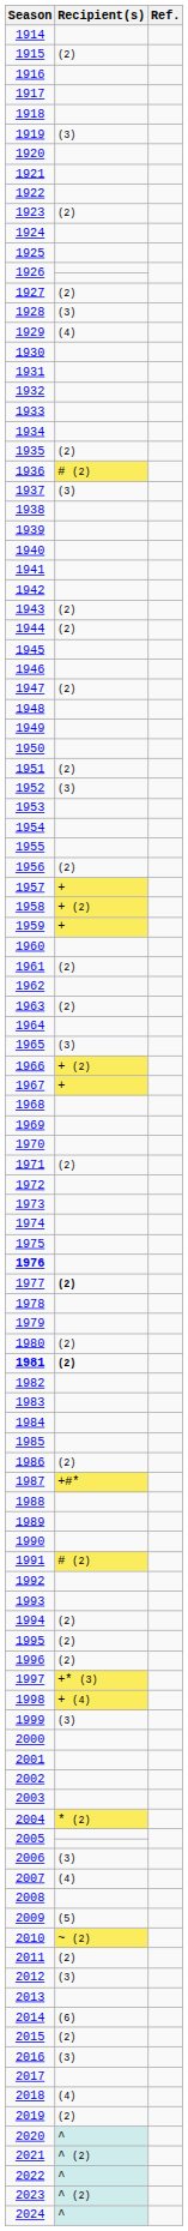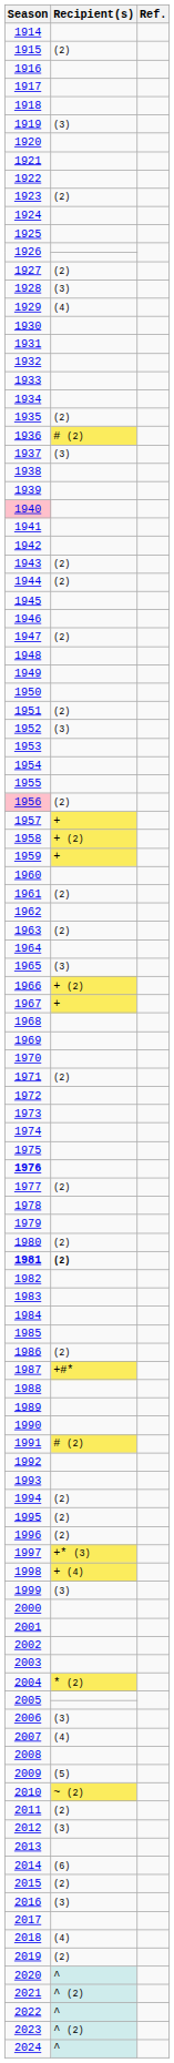 <table class="wikitable sortable" style="text-align:center">
 <tr>
 <th>Season</th>
 <th>Recipient(s)</th>
 <th class=unsortable>Ref.</th>
 </tr>
 <tr>
 <td><a href='#'>1914</a></td>
 <td align=left></td>
 <td></td>
 </tr>
 <tr>
 <td><a href='#'>1915</a></td>
 <td align=left> <small>(2)</small></td>
 <td></td>
 </tr>
 <tr>
 <td><a href='#'>1916</a></td>
 <td></td>
 <td></td>
 </tr>
 <tr>
 <td><a href='#'>1917</a></td>
 <td></td>
 <td></td>
 </tr>
 <tr>
 <td><a href='#'>1918</a></td>
 <td align=left></td>
 <td></td>
 </tr>
 <tr>
 <td><a href='#'>1919</a></td>
 <td align=left> <small>(3)</small></td>
 <td></td>
 </tr>
 <tr>
 <td><a href='#'>1920</a></td>
 <td align=left></td>
 <td></td>
 </tr>
 <tr>
 <td><a href='#'>1921</a></td>
 <td align=left></td>
 <td></td>
 </tr>
 <tr>
 <td><a href='#'>1922</a></td>
 <td align=left></td>
 <td></td>
 </tr>
 <tr>
 <td><a href='#'>1923</a></td>
 <td align=left> <small>(2)</small></td>
 <td></td>
 </tr>
 <tr>
 <td><a href='#'>1924</a></td>
 <td align=left></td>
 <td></td>
 </tr>
 <tr>
 <td><a href='#'>1925</a></td>
 <td align=left></td>
 <td></td>
 </tr>
 <tr>
 <td rowspan=2><a href='#'>1926</a></td>
 <td align=left></td>
 <td rowspan=2></td>
 </tr>
 <tr>
 <td align=left></td>
 </tr>
 <tr>
 <td><a href='#'>1927</a></td>
 <td align=left> <small>(2)</small></td>
 <td></td>
 </tr>
 <tr>
 <td><a href='#'>1928</a></td>
 <td align=left> <small>(3)</small></td>
 <td></td>
 </tr>
 <tr>
 <td><a href='#'>1929</a></td>
 <td align=left> <small>(4)</small></td>
 <td></td>
 </tr>
 <tr>
 <td><a href='#'>1930</a></td>
 <td align=left></td>
 <td></td>
 </tr>
 <tr>
 <td><a href='#'>1931</a></td>
 <td align=left></td>
 <td></td>
 </tr>
 <tr>
 <td><a href='#'>1932</a></td>
 <td align=left></td>
 <td></td>
 </tr>
 <tr>
 <td><a href='#'>1933</a></td>
 <td align=left></td>
 <td></td>
 </tr>
 <tr>
 <td><a href='#'>1934</a></td>
 <td align=left></td>
 <td></td>
 </tr>
 <tr>
 <td><a href='#'>1935</a></td>
 <td align=left> <small>(2)</small></td>
 <td></td>
 </tr>
 <tr>
 <td><a href='#'>1936</a></td>
 <td bgcolor="#fbec5d" align=left># <small>(2)</small></td>
 <td></td>
 </tr>
 <tr>
 <td><a href='#'>1937</a></td>
 <td align=left> <small>(3)</small></td>
 <td></td>
 </tr>
 <tr>
 <td><a href='#'>1938</a></td>
 <td align=left></td>
 <td></td>
 </tr>
 <tr>
 <td><a href='#'>1939</a></td>
 <td align=left></td>
 <td></td>
 </tr>
 <tr>
-<td><a href='#'>1940</a></td>
+<td style="background: pink;"><a href='#'>1940</a></td>
 <td align=left></td>
 <td></td>
 </tr>
 <tr>
 <td><a href='#'>1941</a></td>
 <td align=left></td>
 <td></td>
 </tr>
 <tr>
 <td><a href='#'>1942</a></td>
 <td align=left></td>
 <td></td>
 </tr>
 <tr>
 <td><a href='#'>1943</a></td>
 <td align=left> <small>(2)</small></td>
 <td></td>
 </tr>
 <tr>
 <td><a href='#'>1944</a></td>
 <td align=left> <small>(2)</small></td>
 <td></td>
 </tr>
 <tr>
 <td><a href='#'>1945</a></td>
 <td align=left></td>
 <td></td>
 </tr>
 <tr>
 <td><a href='#'>1946</a></td>
 <td align=left></td>
 <td></td>
 </tr>
 <tr>
 <td><a href='#'>1947</a></td>
 <td align=left> <small>(2)</small></td>
 <td></td>
 </tr>
 <tr>
 <td><a href='#'>1948</a></td>
 <td align=left></td>
 <td></td>
 </tr>
 <tr>
 <td><a href='#'>1949</a></td>
 <td align=left></td>
 <td></td>
 </tr>
 <tr>
 <td><a href='#'>1950</a></td>
 <td align=left></td>
 <td></td>
 </tr>
 <tr>
 <td><a href='#'>1951</a></td>
 <td align=left> <small>(2)</small></td>
 <td></td>
 </tr>
 <tr>
 <td><a href='#'>1952</a></td>
 <td align=left> <small>(3)</small></td>
 <td></td>
 </tr>
 <tr>
 <td><a href='#'>1953</a></td>
 <td align=left></td>
 <td></td>
 </tr>
 <tr>
 <td><a href='#'>1954</a></td>
 <td align=left></td>
 <td></td>
 </tr>
 <tr>
 <td><a href='#'>1955</a></td>
 <td align=left></td>
 <td></td>
 </tr>
 <tr>
-<td><a href='#'>1956</a></td>
+<td style="background: pink;"><a href='#'>1956</a></td>
 <td align=left> <small>(2)</small></td>
 <td></td>
 </tr>
 <tr>
 <td><a href='#'>1957</a></td>
 <td bgcolor="#fbec5d" align=left>+</td>
 <td></td>
 </tr>
 <tr>
 <td><a href='#'>1958</a></td>
 <td bgcolor="#fbec5d" align=left>+ <small>(2)</small></td>
 <td></td>
 </tr>
 <tr>
 <td><a href='#'>1959</a></td>
 <td bgcolor="#fbec5d" align=left>+</td>
 <td></td>
 </tr>
 <tr>
 <td><a href='#'>1960</a></td>
 <td align=left></td>
 <td></td>
 </tr>
 <tr>
 <td><a href='#'>1961</a></td>
 <td align=left> <small>(2)</small></td>
 <td></td>
 </tr>
 <tr>
 <td><a href='#'>1962</a></td>
 <td align=left></td>
 <td></td>
 </tr>
 <tr>
 <td><a href='#'>1963</a></td>
 <td align=left> <small>(2)</small></td>
 <td></td>
 </tr>
 <tr>
 <td><a href='#'>1964</a></td>
 <td align=left></td>
 <td></td>
 </tr>
 <tr>
 <td><a href='#'>1965</a></td>
 <td align=left> <small>(3)</small></td>
 <td></td>
 </tr>
 <tr>
 <td><a href='#'>1966</a></td>
 <td bgcolor="#fbec5d" align=left>+ <small>(2)</small></td>
 <td></td>
 </tr>
 <tr>
 <td><a href='#'>1967</a></td>
 <td bgcolor="#fbec5d" align=left>+</td>
 <td></td>
 </tr>
 <tr>
 <td><a href='#'>1968</a></td>
 <td align=left></td>
 <td></td>
 </tr>
 <tr>
 <td><a href='#'>1969</a></td>
 <td align=left></td>
 <td></td>
 </tr>
 <tr>
 <td><a href='#'>1970</a></td>
 <td align=left></td>
 <td></td>
 </tr>
 <tr>
 <td><a href='#'>1971</a></td>
 <td align=left> <small>(2)</small></td>
 <td></td>
 </tr>
 <tr>
 <td><a href='#'>1972</a></td>
 <td align=left></td>
 <td></td>
 </tr>
 <tr>
 <td><a href='#'>1973</a></td>
 <td align=left></td>
 <td></td>
 </tr>
 <tr>
 <td><a href='#'>1974</a></td>
 <td align=left></td>
 <td></td>
 </tr>
 <tr>
 <td><a href='#'>1975</a></td>
 <td align=left></td>
 <td></td>
 </tr>
 <tr>
 <td><strong><a href='#'>1976</a></strong></td>
 <td align=left><strong></strong></td>
 <td></td>
 </tr>
 <tr>
 <td><a href='#'>1977</a></td>
-<td align=left><strong> <small>(2)</small></strong></td>
+<td align=left> <small>(2)</small></td>
 <td></td>
 </tr>
 <tr>
 <td><a href='#'>1978</a></td>
 <td align=left></td>
 <td></td>
 </tr>
 <tr>
 <td><a href='#'>1979</a></td>
 <td align=left></td>
 <td></td>
 </tr>
 <tr>
 <td><a href='#'>1980</a></td>
 <td align=left> <small>(2)</small></td>
 <td></td>
 </tr>
 <tr>
 <td><strong><a href='#'>1981</a></strong></td>
 <td align=left><strong> <small>(2)</small></strong></td>
 <td></td>
 </tr>
 <tr>
 <td><a href='#'>1982</a></td>
 <td align=left></td>
 <td></td>
 </tr>
 <tr>
 <td><a href='#'>1983</a></td>
 <td align=left></td>
 <td></td>
 </tr>
 <tr>
 <td><a href='#'>1984</a></td>
 <td align=left></td>
 <td></td>
 </tr>
 <tr>
 <td><a href='#'>1985</a></td>
 <td align=left></td>
 <td></td>
 </tr>
 <tr>
 <td><a href='#'>1986</a></td>
 <td align=left> <small>(2)</small></td>
 <td></td>
 </tr>
 <tr>
 <td><a href='#'>1987</a></td>
 <td bgcolor="#fbec5d" align=left>+#*</td>
 <td></td>
 </tr>
 <tr>
 <td><a href='#'>1988</a></td>
 <td align=left></td>
 <td></td>
 </tr>
 <tr>
 <td><a href='#'>1989</a></td>
 <td align=left></td>
 <td></td>
 </tr>
 <tr>
 <td><a href='#'>1990</a></td>
 <td align=left></td>
 <td></td>
 </tr>
 <tr>
 <td><a href='#'>1991</a></td>
 <td bgcolor="#fbec5d" align=left># <small>(2)</small></td>
 <td></td>
 </tr>
 <tr>
 <td><a href='#'>1992</a></td>
 <td align=left></td>
 <td></td>
 </tr>
 <tr>
 <td><a href='#'>1993</a></td>
 <td align=left></td>
 <td></td>
 </tr>
 <tr>
 <td><a href='#'>1994</a></td>
 <td align=left> <small>(2)</small></td>
 <td></td>
 </tr>
 <tr>
 <td><a href='#'>1995</a></td>
 <td align=left> <small>(2)</small></td>
 <td></td>
 </tr>
 <tr>
 <td><a href='#'>1996</a></td>
 <td align=left> <small>(2)</small></td>
 <td></td>
 </tr>
 <tr>
 <td><a href='#'>1997</a></td>
 <td bgcolor="#fbec5d" align=left>+* <small>(3)</small></td>
 <td></td>
 </tr>
 <tr>
 <td><a href='#'>1998</a></td>
 <td bgcolor="#fbec5d" align=left>+ <small>(4)</small></td>
 <td></td>
 </tr>
 <tr>
 <td><a href='#'>1999</a></td>
 <td align=left> <small>(3)</small></td>
 <td></td>
 </tr>
 <tr>
 <td><a href='#'>2000</a></td>
 <td align=left></td>
 <td></td>
 </tr>
 <tr>
 <td><a href='#'>2001</a></td>
 <td align=left></td>
 <td></td>
 </tr>
 <tr>
 <td><a href='#'>2002</a></td>
 <td align=left></td>
 <td></td>
 </tr>
 <tr>
 <td><a href='#'>2003</a></td>
 <td align=left></td>
 <td></td>
 </tr>
 <tr>
 <td><a href='#'>2004</a></td>
 <td bgcolor="#fbec5d" align=left>* <small>(2)</small></td>
 <td></td>
 </tr>
 <tr>
 <td rowspan=2><a href='#'>2005</a></td>
 <td align=left></td>
 <td rowspan=2></td>
 </tr>
 <tr>
 <td align=left></td>
 </tr>
 <tr>
 <td><a href='#'>2006</a></td>
 <td align=left> <small>(3)</small></td>
 <td></td>
 </tr>
 <tr>
 <td><a href='#'>2007</a></td>
 <td align=left> <small>(4)</small></td>
 <td></td>
 </tr>
 <tr>
 <td><a href='#'>2008</a></td>
 <td align=left></td>
 <td></td>
 </tr>
 <tr>
 <td><a href='#'>2009</a></td>
 <td align=left> <small>(5)</small></td>
 <td></td>
 </tr>
 <tr>
 <td><a href='#'>2010</a></td>
 <td bgcolor="#fbec5d" align=left>~ <small>(2)</small></td>
 <td></td>
 </tr>
 <tr>
 <td><a href='#'>2011</a></td>
 <td align=left> <small>(2)</small></td>
 <td></td>
 </tr>
 <tr>
 <td><a href='#'>2012</a></td>
 <td align=left> <small>(3)</small></td>
 <td></td>
 </tr>
 <tr>
 <td><a href='#'>2013</a></td>
 <td align=left></td>
 <td></td>
 </tr>
 <tr>
 <td><a href='#'>2014</a></td>
 <td align=left> <small>(6)</small></td>
 <td></td>
 </tr>
 <tr>
 <td><a href='#'>2015</a></td>
 <td align=left> <small>(2)</small></td>
 <td></td>
 </tr>
 <tr>
 <td><a href='#'>2016</a></td>
 <td align=left> <small>(3)</small></td>
 <td></td>
 </tr>
 <tr>
 <td><a href='#'>2017</a></td>
 <td align=left></td>
 <td></td>
 </tr>
 <tr>
 <td><a href='#'>2018</a></td>
 <td align=left> <small>(4)</small></td>
 <td></td>
 </tr>
 <tr>
 <td><a href='#'>2019</a></td>
 <td align=left> <small>(2)</small></td>
 <td></td>
 </tr>
 <tr>
 <td><a href='#'>2020</a></td>
 <td bgcolor="#cfecec" align=left>^</td>
 <td></td>
 </tr>
 <tr>
 <td><a href='#'>2021</a></td>
 <td bgcolor="#cfecec" align=left>^ <small>(2)</small></td>
 <td></td>
 </tr>
 <tr>
 <td><a href='#'>2022</a></td>
 <td bgcolor="#cfecec" align=left>^</td>
 <td></td>
 </tr>
 <tr>
 <td><a href='#'>2023</a></td>
 <td bgcolor="#cfecec" align=left>^ <small>(2)</small></td>
 <td></td>
 </tr>
 <tr>
 <td><a href='#'>2024</a></td>
 <td bgcolor="#cfecec" align=left>^</td>
 <td></td>
 </tr>
 </table>
